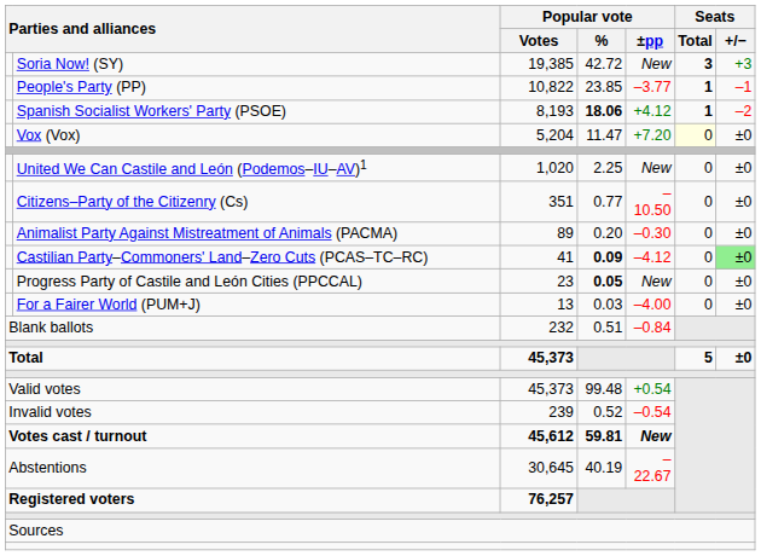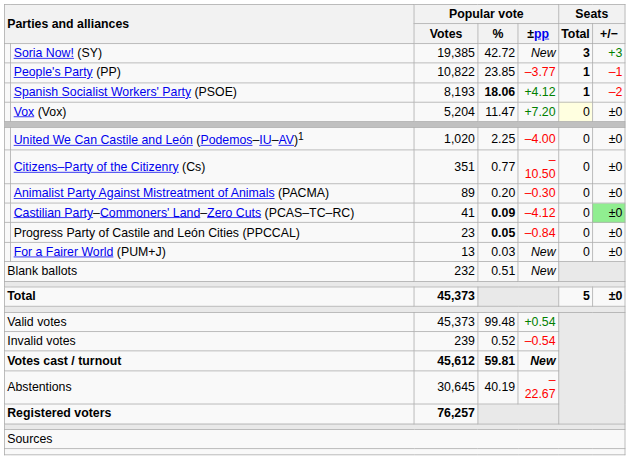 <table class="wikitable" style="text-align:right;">
 <tr>
 <th style="text-align:left;" rowspan="2" colspan="2" width="525">Parties and alliances</th>
 <th colspan="3">Popular vote</th>
 <th colspan="2">Seats</th>
 </tr>
 <tr>
 <th width="75">Votes</th>
 <th width="45">%</th>
 <th width="45">±<a href='#'>pp</a></th>
 <th width="35">Total</th>
 <th width="35">+/−</th>
 </tr>
 <tr>
 <td width="1" style="color:inherit;background:"></td>
 <td align="left"><a href='#'>Soria Now!</a> (SY)</td>
 <td>19,385</td>
 <td>42.72</td>
 <td><em>New</em></td>
 <td><strong>3</strong></td>
 <td style="color:green;">+3</td>
 </tr>
 <tr>
 <td style="color:inherit;background:"></td>
 <td align="left"><a href='#'>People's Party</a> (PP)</td>
 <td>10,822</td>
 <td>23.85</td>
 <td style="color:red;">–3.77</td>
 <td><strong>1</strong></td>
 <td style="color:red;">–1</td>
 </tr>
 <tr>
 <td style="color:inherit;background:"></td>
 <td align="left"><a href='#'>Spanish Socialist Workers' Party</a> (PSOE)</td>
 <td>8,193</td>
 <td><strong>18.06</strong></td>
 <td style="color:green;">+4.12</td>
 <td><strong>1</strong></td>
 <td style="color:red;">–2</td>
 </tr>
 <tr>
 <td style="color:inherit;background:"></td>
 <td align="left"><a href='#'>Vox</a> (Vox)</td>
 <td>5,204</td>
 <td>11.47</td>
 <td style="color:green;">+7.20</td>
 <td style="background: lightyellow;">0</td>
 <td>±0</td>
 </tr>
 <tr>
 <td colspan="7" bgcolor="#C0C0C0"></td>
 </tr>
 <tr>
 <td style="color:inherit;background:"></td>
 <td align="left"><a href='#'>United We Can Castile and León</a> (<a href='#'>Podemos</a>–<a href='#'>IU</a>–<a href='#'>AV</a>)<sup>1</sup></td>
 <td>1,020</td>
 <td>2.25</td>
-<td><em>New</em></td>
+<td style="color:red;">–4.00</td>
 <td>0</td>
 <td>±0</td>
 </tr>
 <tr>
 <td style="color:inherit;background:"></td>
 <td align="left"><a href='#'>Citizens–Party of the Citizenry</a> (Cs)</td>
 <td>351</td>
 <td>0.77</td>
 <td style="color:red;">–10.50</td>
 <td>0</td>
 <td>±0</td>
 </tr>
 <tr>
 <td style="color:inherit;background:"></td>
 <td align="left"><a href='#'>Animalist Party Against Mistreatment of Animals</a> (PACMA)</td>
 <td>89</td>
 <td>0.20</td>
 <td style="color:red;">–0.30</td>
 <td>0</td>
 <td>±0</td>
 </tr>
 <tr>
 <td style="color:inherit;background:"></td>
 <td align="left"><a href='#'>Castilian Party</a>–<a href='#'>Commoners' Land</a>–<a href='#'>Zero Cuts</a> (PCAS–TC–RC)</td>
 <td>41</td>
 <td><strong>0.09</strong></td>
 <td style="color:red;">–4.12</td>
 <td>0</td>
 <td style="background: lightgreen;">±0</td>
 </tr>
 <tr>
 <td style="color:inherit;background:"></td>
 <td align="left">Progress Party of Castile and León Cities (PPCCAL)</td>
 <td>23</td>
 <td><strong>0.05</strong></td>
-<td><em>New</em></td>
+<td style="color:red;">–0.84</td>
 <td>0</td>
 <td>±0</td>
 </tr>
 <tr>
 <td style="color:inherit;background:"></td>
 <td align="left"><a href='#'>For a Fairer World</a> (PUM+J)</td>
 <td>13</td>
 <td>0.03</td>
-<td style="color:red;">–4.00</td>
+<td><em>New</em></td>
 <td>0</td>
 <td>±0</td>
 </tr>
 <tr>
 <td align="left" colspan="2">Blank ballots</td>
 <td>232</td>
 <td>0.51</td>
-<td style="color:red;">–0.84</td>
+<td><em>New</em></td>
 <td bgcolor="#E9E9E9" colspan="2"></td>
 </tr>
 <tr>
 <td colspan="7" bgcolor="#E9E9E9"></td>
 </tr>
 <tr style="font-weight:bold;">
 <td align="left" colspan="2">Total</td>
 <td>45,373</td>
 <td bgcolor="#E9E9E9" colspan="2"></td>
 <td>5</td>
 <td>±0</td>
 </tr>
 <tr>
 <td colspan="7" bgcolor="#E9E9E9"></td>
 </tr>
 <tr>
 <td align="left" colspan="2">Valid votes</td>
 <td>45,373</td>
 <td>99.48</td>
 <td style="color:green;">+0.54</td>
 <td bgcolor="#E9E9E9" colspan="2" rowspan="5"></td>
 </tr>
 <tr>
 <td align="left" colspan="2">Invalid votes</td>
 <td>239</td>
 <td>0.52</td>
 <td style="color:red;">–0.54</td>
 </tr>
 <tr style="font-weight:bold;">
 <td align="left" colspan="2">Votes cast / turnout</td>
 <td>45,612</td>
 <td>59.81</td>
 <td><em>New</em></td>
 </tr>
 <tr>
 <td align="left" colspan="2">Abstentions</td>
 <td>30,645</td>
 <td>40.19</td>
 <td style="color:red;">–22.67</td>
 </tr>
 <tr style="font-weight:bold;">
 <td align="left" colspan="2">Registered voters</td>
 <td>76,257</td>
 <td bgcolor="#E9E9E9" colspan="2"></td>
 </tr>
 <tr>
 <td colspan="7" bgcolor="#E9E9E9"></td>
 </tr>
 <tr>
 <td align="left" colspan="7">Sources</td>
 </tr>
 <tr>
 <td colspan="7" style="text-align:left; max-width:790px;"></td>
 </tr>
 </table>
